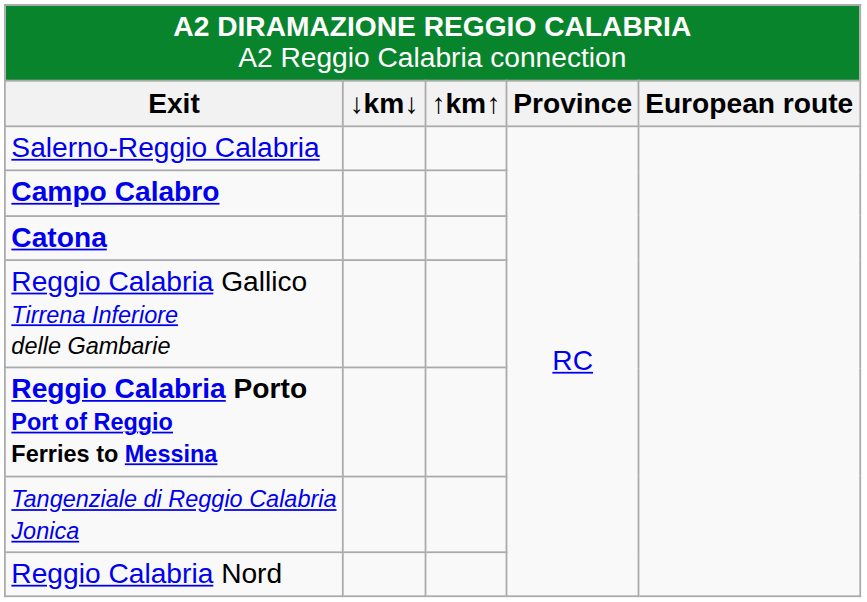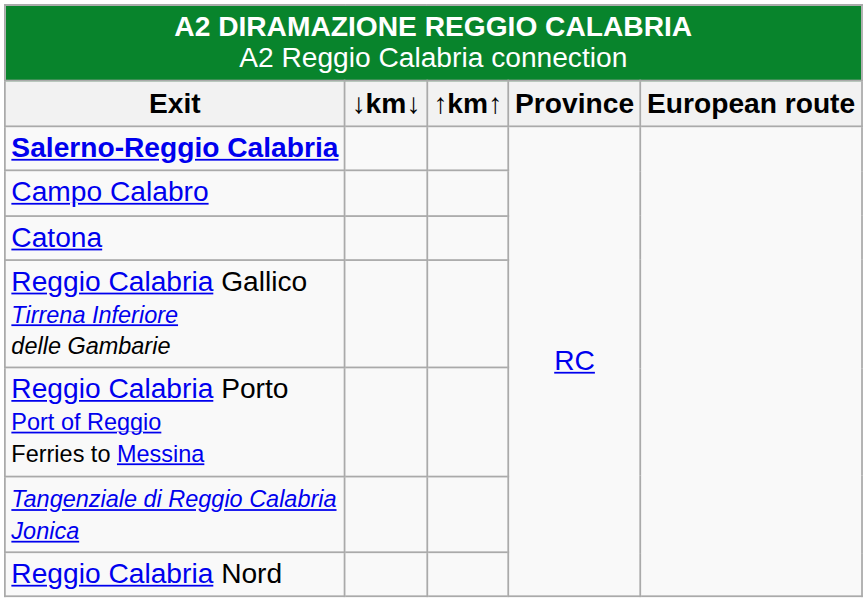 <table class="wikitable">
 <tr>
 </tr>
 <tr align="center" style="color: white;font-size:100%;" bgcolor="#08842c">
 <td colspan="6"> <strong>A2 DIRAMAZIONE REGGIO CALABRIA</strong><br>A2 Reggio Calabria connection</td>
 </tr>
 <tr>
 <th><strong>Exit</strong></th>
 <th align="center"><strong>↓km↓</strong></th>
 <th align="center"><strong>↑km↑</strong></th>
 <th align="center"><strong>Province</strong></th>
 <th align="center"><strong>European route</strong></th>
 </tr>
 <tr>
-<td>   <a href='#'>Salerno-Reggio Calabria</a></td>
+<td><strong>   <a href='#'>Salerno-Reggio Calabria</a></strong></td>
 <td align="right"></td>
 <td align="right"></td>
 <td align="center" rowspan=7><a href='#'>RC</a></td>
 <td align="center" rowspan=7></td>
 </tr>
 <tr>
-<td><strong> <a href='#'>Campo Calabro</a></strong></td>
+<td> <a href='#'>Campo Calabro</a></td>
 <td align="right"></td>
 <td align="right"></td>
 </tr>
 <tr>
-<td><strong> <a href='#'>Catona</a></strong></td>
+<td> <a href='#'>Catona</a></td>
 <td align="right"></td>
 <td align="right"></td>
 </tr>
 <tr>
 <td> <a href='#'>Reggio Calabria</a> Gallico<br> <small><em><a href='#'>Tirrena Inferiore</a></em></small><br> <small><em>delle Gambarie</em></small></td>
 <td align="right"></td>
 <td align="right"></td>
 </tr>
 <tr>
-<td><strong> <a href='#'>Reggio Calabria</a> Porto<br><small> <a href='#'>Port of Reggio</a></small><br> <small>Ferries to <a href='#'>Messina</a></small></strong></td>
+<td> <a href='#'>Reggio Calabria</a> Porto<br><small> <a href='#'>Port of Reggio</a></small><br> <small>Ferries to <a href='#'>Messina</a></small></td>
 <td align="right"></td>
 <td align="right"></td>
 </tr>
 <tr>
 <td>   <small><em><a href='#'>Tangenziale di Reggio Calabria</a></em></small><br>  <small><em><a href='#'>Jonica</a></em></small></td>
 <td align="right"></td>
 <td align="right"></td>
 </tr>
 <tr>
 <td> <a href='#'>Reggio Calabria</a> Nord</td>
 <td align="right"></td>
 <td align="right"></td>
 </tr>
 </table>
